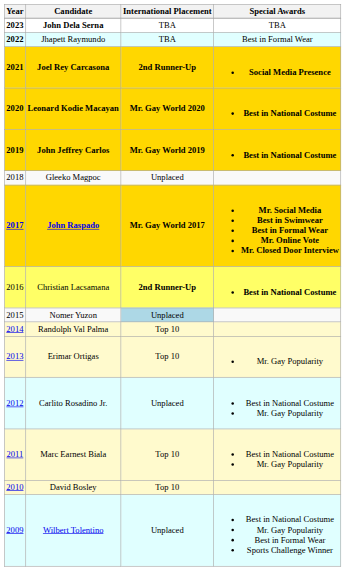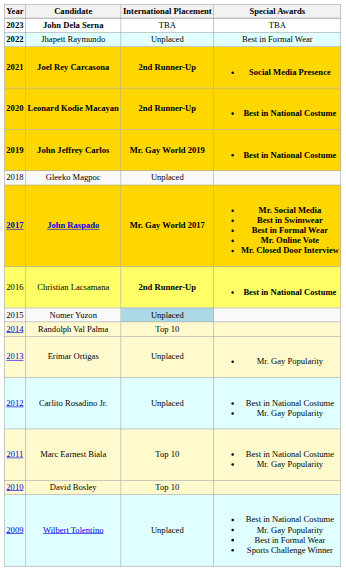 <table class="wikitable sortable" style="font-size: 85%; text-align:center">
 <tr>
 <th>Year</th>
 <th>Candidate</th>
 <th>International Placement</th>
 <th>Special Awards</th>
 </tr>
 <tr>
 </tr>
 <tr style="background-color:white">
 <td><strong>2023</strong></td>
 <td><strong>John Dela Serna</strong></td>
 <td>TBA</td>
 <td>TBA</td>
 </tr>
 <tr style="background:#e0ffff;">
 <td><strong>2022</strong></td>
 <td>Jhapett Raymundo</td>
-<td>TBA</td>
+<td>Unplaced</td>
 <td>Best in Formal Wear</td>
 </tr>
 <tr style="background-color:gold">
 <td><strong>2021</strong></td>
 <td><strong>Joel Rey Carcasona</strong></td>
 <td><strong>2nd Runner-Up</strong></td>
 <td><br><ul><li><strong>Social Media Presence</strong></li></ul></td>
 </tr>
 <tr style="background-color:gold;">
 <td><strong>2020</strong></td>
 <td><strong>Leonard Kodie Macayan</strong></td>
-<td><strong>Mr. Gay World 2020</strong></td>
+<td><strong>2nd Runner-Up</strong></td>
 <td><br><ul><li><strong>Best in National Costume</strong></li></ul></td>
 </tr>
 <tr style="background-color:gold;">
 <td><strong>2019</strong></td>
 <td><strong>John Jeffrey Carlos</strong></td>
 <td Mr. Gay World 2019><strong>Mr. Gay World 2019</strong></td>
 <td><br><ul><li><strong>Best in National Costume</strong></li></ul></td>
 </tr>
 <tr>
 <td>2018</td>
 <td>Gleeko Magpoc</td>
 <td>Unplaced</td>
 <td></td>
 </tr>
 <tr style="background-color:gold;">
 <td><a href='#'><strong>2017</strong></a></td>
 <td><strong><a href='#'>John Raspado</a></strong></td>
 <td><strong>Mr. Gay World 2017</strong></td>
 <td><br><ul><li><strong>Mr. Social Media</strong></li><li><strong>Best in Swimwear</strong></li><li><strong>Best in Formal Wear</strong></li><li><strong>Mr. Online Vote</strong></li><li><strong>Mr. Closed Door Interview</strong></li></ul></td>
 </tr>
 <tr style="background:#FFFF66;">
 <td>2016</td>
 <td>Christian Lacsamana</td>
 <td><strong>2nd Runner-Up</strong></td>
 <td><br><ul><li><strong>Best in National Costume</strong></li></ul></td>
 </tr>
 <tr>
 <td>2015</td>
 <td>Nomer Yuzon</td>
 <td style="background: lightblue;">Unplaced</td>
 <td></td>
 </tr>
 <tr style="background:#FFFACD;">
 <td><a href='#'>2014</a></td>
 <td>Randolph Val Palma</td>
 <td>Top 10</td>
 <td></td>
 </tr>
 <tr style="background:#FFFACD;">
 <td><a href='#'>2013</a></td>
 <td>Erimar Ortigas</td>
-<td>Top 10</td>
+<td>Unplaced</td>
 <td><br><ul><li>Mr. Gay Popularity</li></ul></td>
 </tr>
 <tr style="background:#e0ffff;">
 <td><a href='#'>2012</a></td>
 <td>Carlito Rosadino Jr.</td>
 <td>Unplaced</td>
 <td><br><ul><li>Best in National Costume</li><li>Mr. Gay Popularity</li></ul></td>
 </tr>
 <tr style="background:#FFFACD;">
 <td><a href='#'>2011</a></td>
 <td>Marc Earnest Biala</td>
 <td>Top 10</td>
 <td><br><ul><li>Best in National Costume</li><li>Mr. Gay Popularity</li></ul></td>
 </tr>
 <tr style="background:#FFFACD;">
 <td><a href='#'>2010</a></td>
 <td>David Bosley</td>
 <td>Top 10</td>
 <td></td>
 </tr>
 <tr style="background:#e0ffff;">
 <td><a href='#'>2009</a></td>
 <td><a href='#'>Wilbert Tolentino</a></td>
 <td>Unplaced</td>
 <td><br><ul><li>Best in National Costume</li><li>Mr. Gay Popularity</li><li>Best in Formal Wear</li><li>Sports Challenge Winner</li></ul></td>
 </tr>
 </table>
